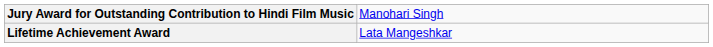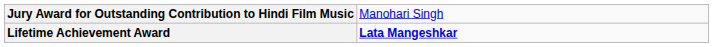 <table class="wikitable">
 <tr>
 <th style="text-align: left; width:50%;">Jury Award for Outstanding Contribution to Hindi Film Music</th>
 <td><a href='#'>Manohari Singh</a></td>
 </tr>
 <tr>
 <th style="text-align: left;">Lifetime Achievement Award</th>
-<td><a href='#'>Lata Mangeshkar</a></td>
+<td><strong><a href='#'>Lata Mangeshkar</a></strong></td>
 </tr>
 </table>
